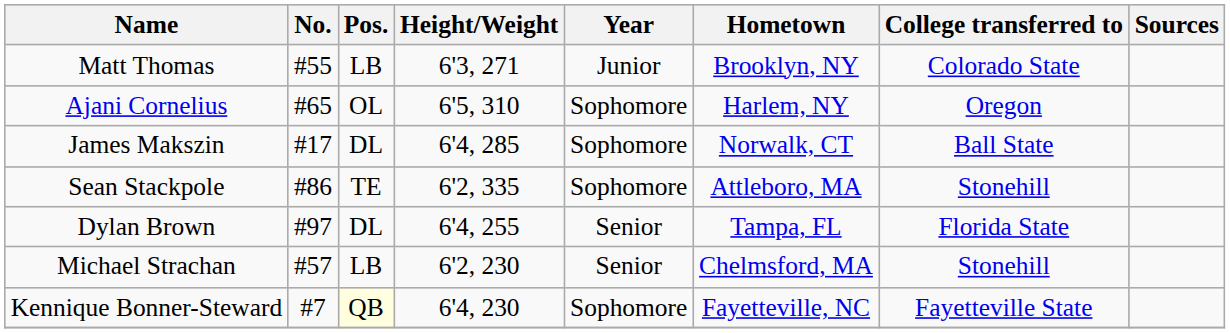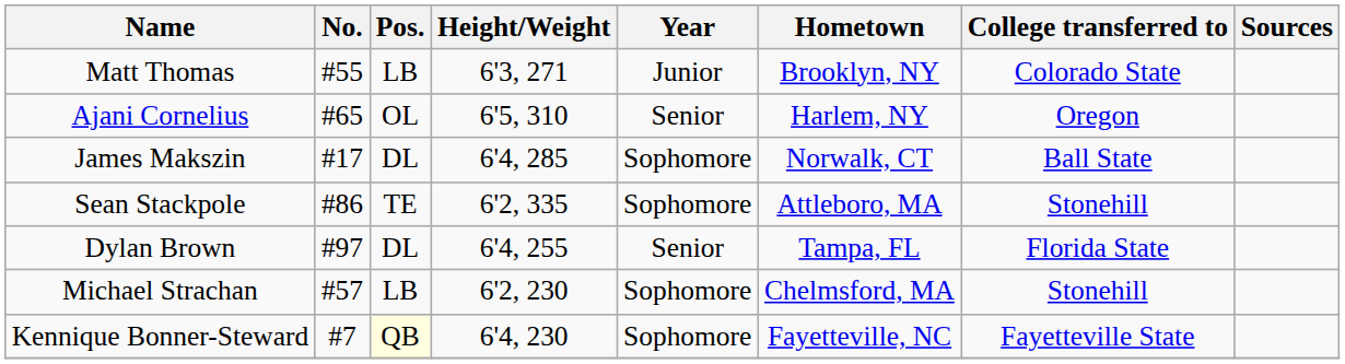 <table class="wikitable sortable sortable" style="text-align: center">
 <tr align=center>
 <th style="text-align:center; ">Name</th>
 <th style="text-align:center; ">No.</th>
 <th style="text-align:center; ">Pos.</th>
 <th style="text-align:center; ">Height/Weight</th>
 <th style="text-align:center; ">Year</th>
 <th style="text-align:center; ">Hometown</th>
 <th style="text-align:center; ">College transferred to</th>
 <th style="text-align:center; ">Sources</th>
 </tr>
 <tr>
 <td>Matt Thomas</td>
 <td>#55</td>
 <td>LB</td>
 <td>6'3, 271</td>
 <td>Junior</td>
 <td><a href='#'>Brooklyn, NY</a></td>
 <td><a href='#'>Colorado State</a></td>
 <td></td>
 </tr>
 <tr>
 <td><a href='#'>Ajani Cornelius</a></td>
 <td>#65</td>
 <td>OL</td>
 <td>6'5, 310</td>
-<td>Sophomore</td>
+<td> Senior</td>
 <td><a href='#'>Harlem, NY</a></td>
 <td><a href='#'>Oregon</a></td>
 <td></td>
 </tr>
 <tr>
 <td>James Makszin</td>
 <td>#17</td>
 <td>DL</td>
 <td>6'4, 285</td>
 <td> Sophomore</td>
 <td><a href='#'>Norwalk, CT</a></td>
 <td><a href='#'>Ball State</a></td>
 <td></td>
 </tr>
 <tr>
 <td>Sean Stackpole</td>
 <td>#86</td>
 <td>TE</td>
 <td>6'2, 335</td>
 <td>Sophomore</td>
 <td><a href='#'>Attleboro, MA</a></td>
 <td><a href='#'>Stonehill</a></td>
 <td></td>
 </tr>
 <tr>
 <td>Dylan Brown</td>
 <td>#97</td>
 <td>DL</td>
 <td>6'4, 255</td>
 <td> Senior</td>
 <td><a href='#'>Tampa, FL</a></td>
 <td><a href='#'>Florida State</a></td>
 <td></td>
 </tr>
 <tr>
 <td>Michael Strachan</td>
 <td>#57</td>
 <td>LB</td>
 <td>6'2, 230</td>
-<td> Senior</td>
+<td> Sophomore</td>
 <td><a href='#'>Chelmsford, MA</a></td>
 <td><a href='#'>Stonehill</a></td>
 <td></td>
 </tr>
 <tr>
 <td>Kennique Bonner-Steward</td>
 <td>#7</td>
 <td style="background: lightyellow;">QB</td>
 <td>6'4, 230</td>
 <td> Sophomore</td>
 <td><a href='#'>Fayetteville, NC</a></td>
 <td><a href='#'>Fayetteville State</a></td>
 <td></td>
 </tr>
 <tr>
 </tr>
 </table>
